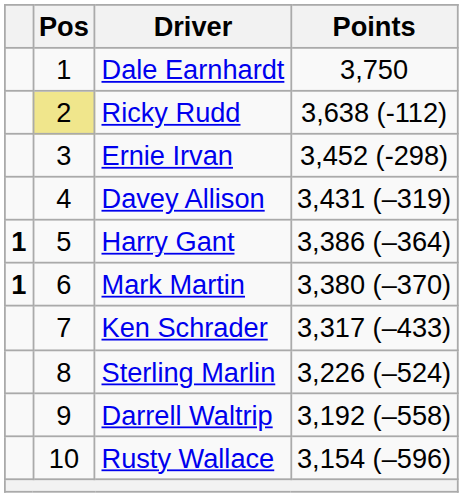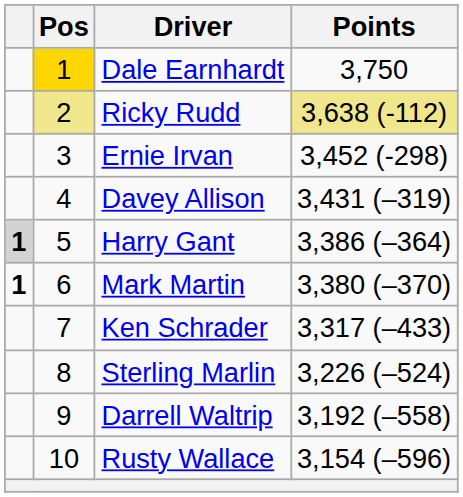 <table class="wikitable" style="font-size: 95%;">
 <tr>
 <th></th>
 <th>Pos</th>
 <th>Driver</th>
 <th>Points</th>
 </tr>
 <tr>
 <td align="left"></td>
-<td style="text-align:center;">1</td>
+<td style="background: gold; text-align:center;">1</td>
 <td><a href='#'>Dale Earnhardt</a></td>
 <td style="text-align:center;">3,750</td>
 </tr>
 <tr>
 <td align="left"></td>
 <td style="background: khaki; text-align:center;">2</td>
 <td><a href='#'>Ricky Rudd</a></td>
-<td style="text-align:center;">3,638 (-112)</td>
+<td style="background: khaki; text-align:center;">3,638 (-112)</td>
 </tr>
 <tr>
 <td align="left"></td>
 <td style="text-align:center;">3</td>
 <td><a href='#'>Ernie Irvan</a></td>
 <td style="text-align:center;">3,452 (-298)</td>
 </tr>
 <tr>
 <td align="left"></td>
 <td style="text-align:center;">4</td>
 <td><a href='#'>Davey Allison</a></td>
 <td style="text-align:center;">3,431 (–319)</td>
 </tr>
 <tr>
-<td align="left">  <strong>1</strong></td>
+<td align="left" style="background: lightgrey;">  <strong>1</strong></td>
 <td style="text-align:center;">5</td>
 <td><a href='#'>Harry Gant</a></td>
 <td style="text-align:center;">3,386 (–364)</td>
 </tr>
 <tr>
 <td align="left">  <strong>1</strong></td>
 <td style="text-align:center;">6</td>
 <td><a href='#'>Mark Martin</a></td>
 <td style="text-align:center;">3,380 (–370)</td>
 </tr>
 <tr>
 <td align="left"></td>
 <td style="text-align:center;">7</td>
 <td><a href='#'>Ken Schrader</a></td>
 <td style="text-align:center;">3,317 (–433)</td>
 </tr>
 <tr>
 <td align="left"></td>
 <td style="text-align:center;">8</td>
 <td><a href='#'>Sterling Marlin</a></td>
 <td style="text-align:center;">3,226 (–524)</td>
 </tr>
 <tr>
 <td align="left"></td>
 <td style="text-align:center;">9</td>
 <td><a href='#'>Darrell Waltrip</a></td>
 <td style="text-align:center;">3,192 (–558)</td>
 </tr>
 <tr>
 <td align="left"></td>
 <td style="text-align:center;">10</td>
 <td><a href='#'>Rusty Wallace</a></td>
 <td style="text-align:center;">3,154 (–596)</td>
 </tr>
 <tr class="sortbottom">
 <th colspan="9"></th>
 </tr>
 </table>
